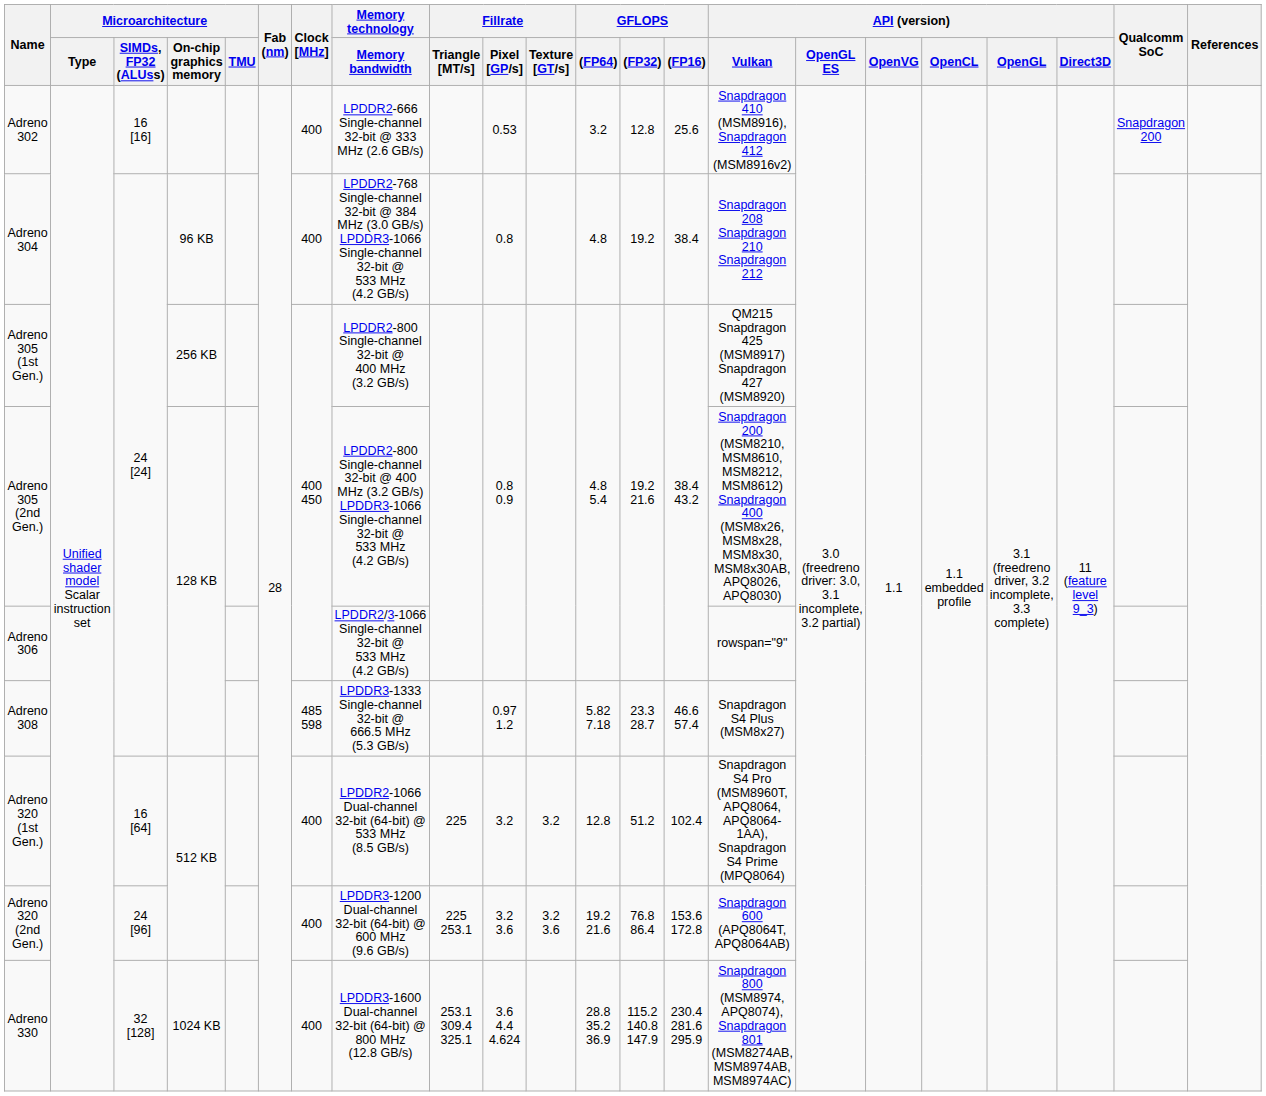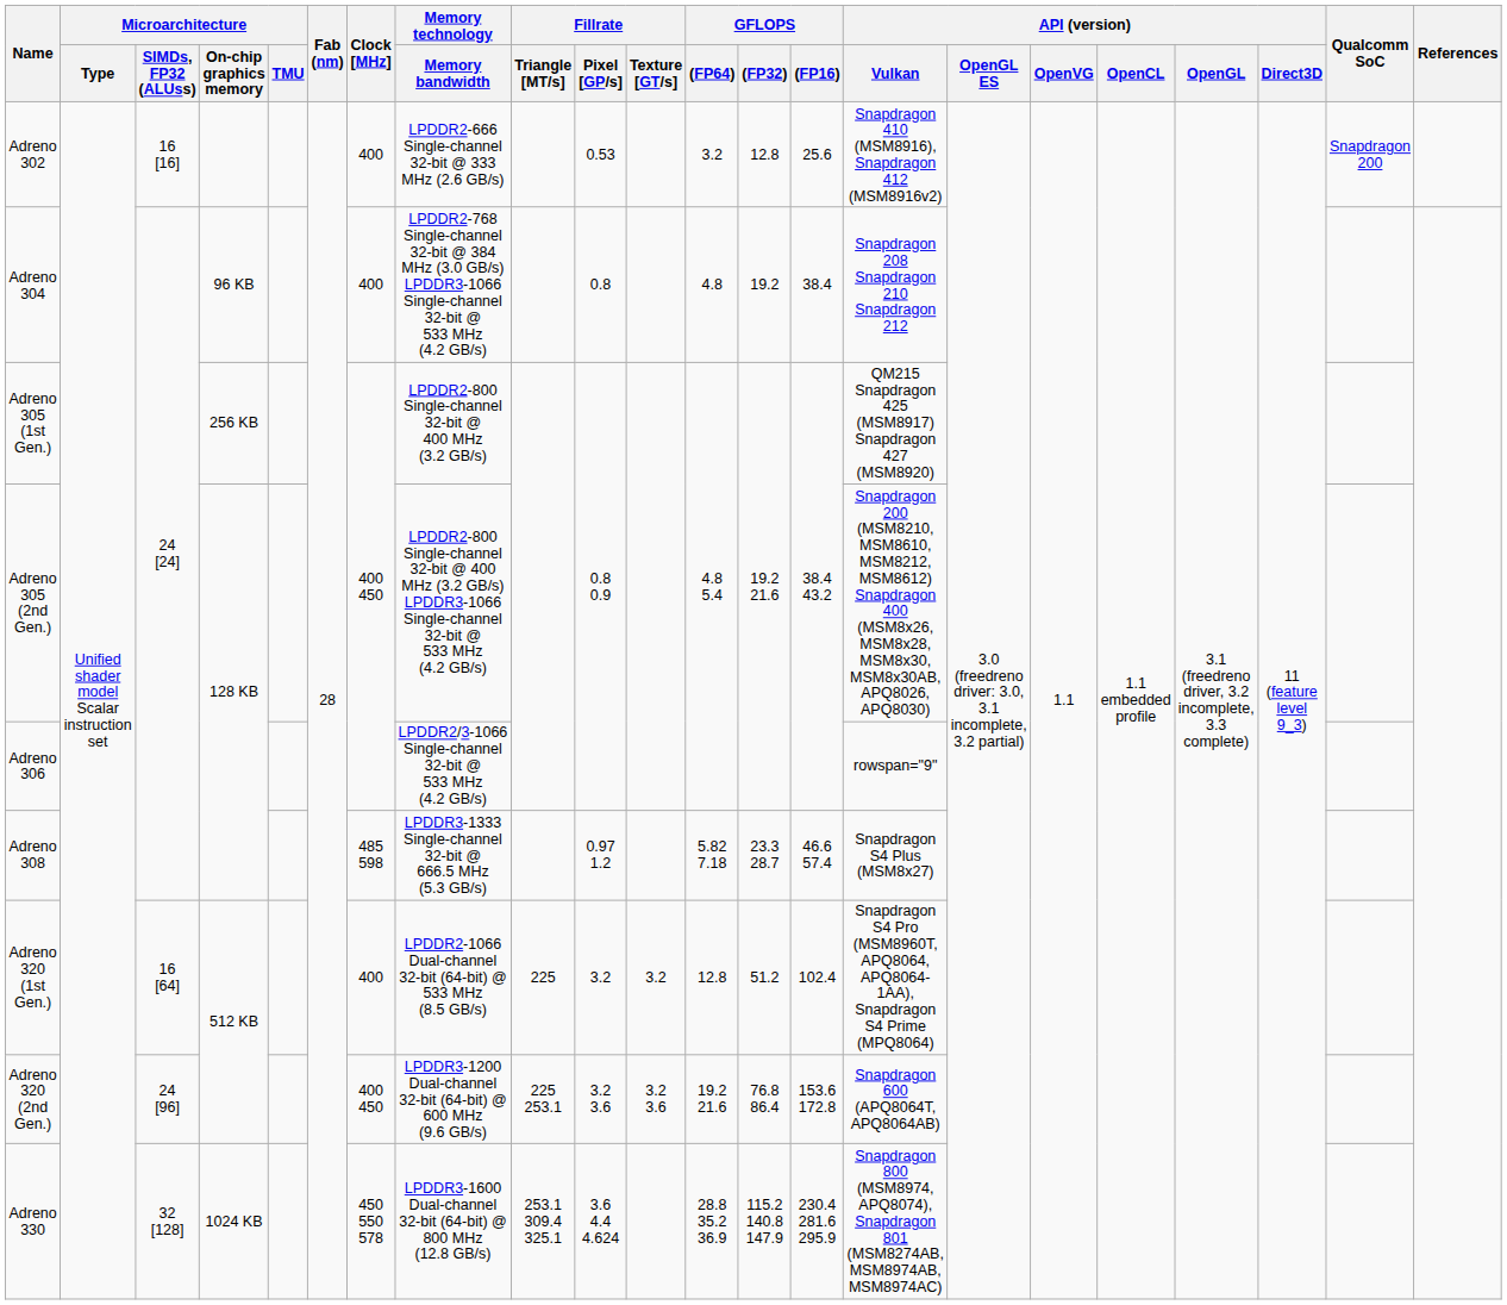 <table class="wikitable" style="font-size: 85%; text-align: center">
 <tr>
 <th rowspan="2">Name</th>
 <th colspan="4"><a href='#'>Microarchitecture</a></th>
 <th rowspan="2">Fab (<a href='#'>nm</a>)</th>
 <th rowspan="2">Clock [<a href='#'>MHz</a>]</th>
 <th><a href='#'>Memory technology</a></th>
 <th colspan="3"><a href='#'>Fillrate</a></th>
 <th colspan="3"><a href='#'>GFLOPS</a></th>
 <th colspan="6"><a href='#'>API</a> (version)</th>
 <th rowspan="2">Qualcomm SoC</th>
 <th rowspan="2">References</th>
 </tr>
 <tr>
 <th>Type</th>
 <th><a href='#'>SIMDs</a>, <a href='#'>FP32</a><br>(<a href='#'>ALUs</a>s)<br></th>
 <th>On-chip graphics memory</th>
 <th><a href='#'>TMU</a></th>
 <th><a href='#'>Memory bandwidth</a></th>
 <th>Triangle<br>[MT/s]</th>
 <th>Pixel<br>[<a href='#'>GP</a>/s]</th>
 <th>Texture<br>[<a href='#'>GT</a>/s]</th>
 <th>(<a href='#'>FP64</a>)</th>
 <th>(<a href='#'>FP32</a>)</th>
 <th>(<a href='#'>FP16</a>)</th>
 <th><a href='#'>Vulkan</a></th>
 <th><a href='#'>OpenGL ES</a></th>
 <th><a href='#'>OpenVG</a></th>
 <th><a href='#'>OpenCL</a></th>
 <th><a href='#'>OpenGL</a></th>
 <th><a href='#'>Direct3D</a></th>
 </tr>
 <tr>
 <td>Adreno 302</td>
 <td rowspan="9"><a href='#'>Unified shader model</a><br>Scalar instruction set</td>
 <td>16<br>[16]</td>
 <td></td>
 <td></td>
 <td rowspan="9">28</td>
 <td>400</td>
 <td><a href='#'>LPDDR2</a>-666 Single-channel 32-bit @ 333 MHz (2.6 GB/s)</td>
 <td></td>
 <td>0.53</td>
 <td></td>
 <td>3.2</td>
 <td>12.8</td>
 <td>25.6</td>
 <td><a href='#'>Snapdragon 410</a> (MSM8916), <a href='#'>Snapdragon 412</a> (MSM8916v2)</td>
 <td rowspan="9">3.0 (freedreno driver: 3.0, 3.1 incomplete, 3.2 partial)</td>
 <td rowspan="9">1.1</td>
 <td rowspan="9">1.1 embedded profile</td>
 <td rowspan="9">3.1 (freedreno driver, 3.2 incomplete, 3.3 complete)</td>
 <td rowspan="9">11 <br>(<a href='#'>feature level 9_3</a>)</td>
 <td><a href='#'>Snapdragon 200</a></td>
 <td></td>
 </tr>
 <tr>
 <td>Adreno 304</td>
 <td rowspan="5">24<br>[24]</td>
 <td>96 KB</td>
 <td></td>
 <td>400</td>
 <td><a href='#'>LPDDR2</a>-768 Single-channel 32-bit @ 384 MHz (3.0 GB/s)<br><a href='#'>LPDDR3</a>-1066 Single-channel 32-bit @ 533 MHz (4.2 GB/s)</td>
 <td></td>
 <td>0.8</td>
 <td></td>
 <td>4.8</td>
 <td>19.2</td>
 <td>38.4</td>
 <td><a href='#'>Snapdragon 208</a><br><a href='#'>Snapdragon 210</a><br><a href='#'>Snapdragon 212</a></td>
 <td></td>
 </tr>
 <tr>
 <td>Adreno 305 (1st Gen.)</td>
 <td>256 KB</td>
 <td></td>
 <td rowspan="3">400<br>450</td>
 <td><a href='#'>LPDDR2</a>-800 Single-channel 32-bit @ 400 MHz (3.2 GB/s)</td>
 <td rowspan="3"></td>
 <td rowspan="3">0.8<br>0.9</td>
 <td rowspan="3"></td>
 <td rowspan="3">4.8<br>5.4</td>
 <td rowspan="3">19.2<br>21.6</td>
 <td rowspan="3">38.4<br>43.2</td>
 <td>QM215<br>Snapdragon 425 (MSM8917)<br>Snapdragon 427 (MSM8920)</td>
 <td></td>
 </tr>
 <tr>
 <td>Adreno 305 (2nd Gen.)</td>
 <td rowspan="3">128 KB</td>
 <td></td>
 <td><a href='#'>LPDDR2</a>-800 Single-channel 32-bit @ 400 MHz (3.2 GB/s)<br><a href='#'>LPDDR3</a>-1066 Single-channel 32-bit @ 533 MHz (4.2 GB/s)</td>
 <td><a href='#'>Snapdragon 200</a> (MSM8210, MSM8610, MSM8212, MSM8612)<br> <a href='#'>Snapdragon 400</a> (MSM8x26, MSM8x28, MSM8x30, MSM8x30AB, APQ8026, APQ8030)</td>
 <td><br></td>
 </tr>
 <tr>
 <td>Adreno 306</td>
 <td></td>
 <td><a href='#'>LPDDR2</a>/<a href='#'>3</a>-1066 Single-channel 32-bit @ 533 MHz (4.2 GB/s)</td>
 <td>rowspan="9" </td>
 <td></td>
 </tr>
 <tr>
 <td>Adreno 308</td>
 <td></td>
 <td>485<br>598</td>
 <td><a href='#'>LPDDR3</a>-1333 Single-channel 32-bit @ 666.5 MHz (5.3 GB/s)</td>
 <td></td>
 <td>0.97<br>1.2</td>
 <td></td>
 <td>5.82<br>7.18</td>
 <td>23.3<br>28.7</td>
 <td>46.6<br>57.4</td>
 <td>Snapdragon S4 Plus (MSM8x27)</td>
 <td></td>
 </tr>
 <tr>
 <td>Adreno 320 (1st Gen.)</td>
 <td>16<br>[64]</td>
 <td rowspan="2">512 KB</td>
 <td></td>
 <td>400</td>
 <td><a href='#'>LPDDR2</a>-1066 Dual-channel 32-bit (64-bit) @ 533 MHz (8.5 GB/s)</td>
 <td>225</td>
 <td>3.2</td>
 <td>3.2</td>
 <td>12.8</td>
 <td>51.2</td>
 <td>102.4</td>
 <td>Snapdragon S4 Pro (MSM8960T, APQ8064, APQ8064-1AA), Snapdragon S4 Prime (MPQ8064)</td>
 <td></td>
 </tr>
 <tr>
 <td>Adreno 320 (2nd Gen.)</td>
 <td>24<br>[96]</td>
 <td></td>
-<td>400</td>
+<td>400<br>450</td>
 <td><a href='#'>LPDDR3</a>-1200 Dual-channel 32-bit (64-bit) @ 600 MHz (9.6 GB/s)</td>
 <td>225<br>253.1</td>
 <td>3.2<br>3.6</td>
 <td>3.2<br>3.6</td>
 <td>19.2<br>21.6</td>
 <td>76.8<br>86.4</td>
 <td>153.6<br>172.8</td>
 <td><a href='#'>Snapdragon 600</a> (APQ8064T, APQ8064AB)</td>
 <td></td>
 </tr>
 <tr>
 <td>Adreno 330</td>
 <td>32<br>[128]</td>
 <td>1024 KB</td>
 <td></td>
-<td>400</td>
+<td>450<br>550<br>578</td>
 <td><a href='#'>LPDDR3</a>-1600 Dual-channel 32-bit (64-bit) @ 800 MHz (12.8 GB/s)</td>
 <td>253.1<br>309.4<br>325.1</td>
 <td>3.6<br>4.4<br>4.624</td>
 <td></td>
 <td>28.8<br>35.2<br>36.9</td>
 <td>115.2<br>140.8<br>147.9</td>
 <td>230.4<br>281.6<br>295.9</td>
 <td><a href='#'>Snapdragon 800</a> (MSM8974, APQ8074), <a href='#'>Snapdragon 801</a> (MSM8274AB, MSM8974AB, MSM8974AC)</td>
 <td></td>
 </tr>
 </table>
